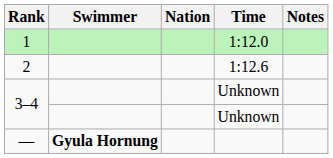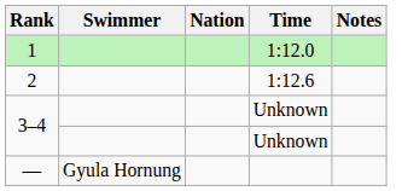 <table class="wikitable sortable" style="text-align:center">
 <tr>
 <th>Rank</th>
 <th>Swimmer</th>
 <th>Nation</th>
 <th>Time</th>
 <th>Notes</th>
 </tr>
 <tr bgcolor=BBF3BB>
 <td>1</td>
 <td align=left></td>
 <td align=left></td>
 <td>1:12.0</td>
 <td></td>
 </tr>
 <tr>
 <td>2</td>
 <td align=left></td>
 <td align=left></td>
 <td>1:12.6</td>
 <td></td>
 </tr>
 <tr>
 <td rowspan=2>3–4</td>
 <td align=left></td>
 <td align=left></td>
 <td data-sort-value=5:00.0>Unknown</td>
 <td></td>
 </tr>
 <tr>
 <td align=left></td>
 <td align=left></td>
 <td data-sort-value=5:00.0>Unknown</td>
 <td></td>
 </tr>
 <tr>
 <td data-sort-value=5>—</td>
-<td align=left data-sort-value="Hornung, Gyula"><strong>Gyula Hornung</strong></td>
+<td align=left data-sort-value="Hornung, Gyula">Gyula Hornung</td>
 <td align=left></td>
 <td data-sort-value=6:00.0></td>
 <td></td>
 </tr>
 </table>
